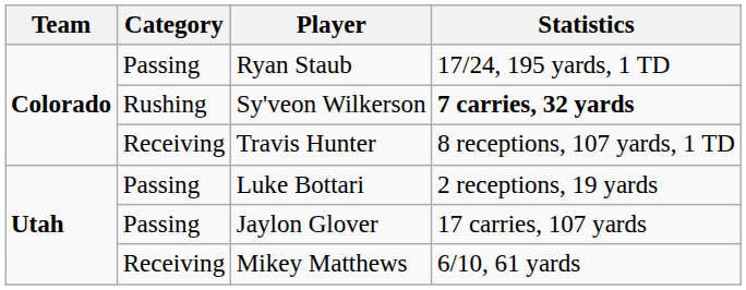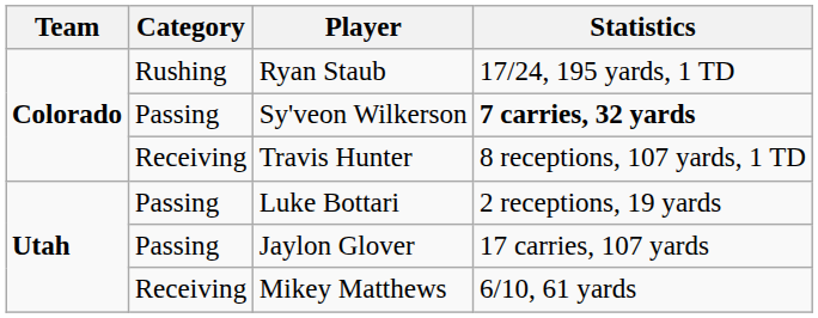 <table class="wikitable" style="float: right;">
 <tr>
 <th>Team</th>
 <th>Category</th>
 <th>Player</th>
 <th>Statistics</th>
 </tr>
 <tr>
 <td rowspan=3><strong>Colorado</strong></td>
-<td>Passing</td>
+<td>Rushing</td>
 <td>Ryan Staub</td>
 <td>17/24, 195 yards, 1 TD</td>
 </tr>
 <tr>
-<td>Rushing</td>
+<td>Passing</td>
 <td>Sy'veon Wilkerson</td>
 <td><strong>7 carries, 32 yards</strong></td>
 </tr>
 <tr>
 <td>Receiving</td>
 <td>Travis Hunter</td>
 <td>8 receptions, 107 yards, 1 TD</td>
 </tr>
 <tr>
 <td rowspan=3><strong>Utah</strong></td>
 <td>Passing</td>
 <td>Luke Bottari</td>
 <td>2 receptions, 19 yards</td>
 </tr>
 <tr>
 <td>Passing</td>
 <td>Jaylon Glover</td>
 <td>17 carries, 107 yards</td>
 </tr>
 <tr>
 <td>Receiving</td>
 <td>Mikey Matthews</td>
 <td>6/10, 61 yards</td>
 </tr>
 </table>
